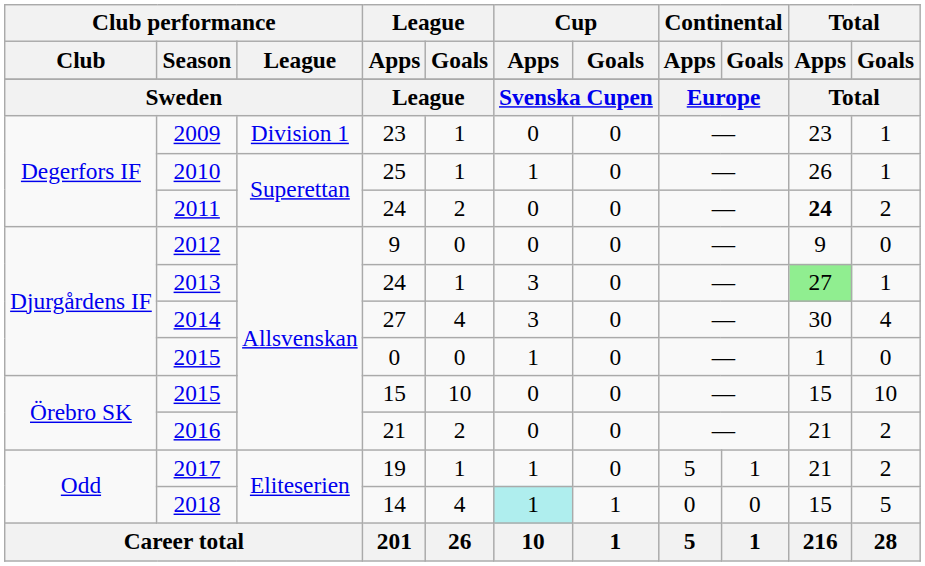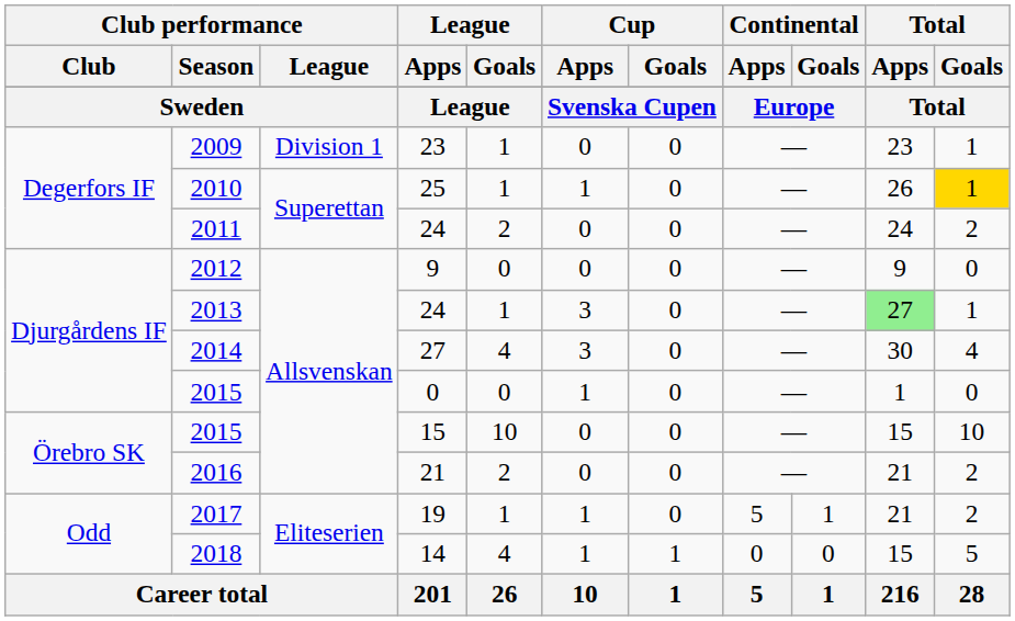 <table class="wikitable" style="text-align:center">
 <tr>
 <th colspan="3">Club performance</th>
 <th colspan=2>League</th>
 <th colspan=2>Cup</th>
 <th colspan=2>Continental</th>
 <th colspan=2>Total</th>
 </tr>
 <tr>
 <th>Club</th>
 <th>Season</th>
 <th>League</th>
 <th>Apps</th>
 <th>Goals</th>
 <th>Apps</th>
 <th>Goals</th>
 <th>Apps</th>
 <th>Goals</th>
 <th>Apps</th>
 <th>Goals</th>
 </tr>
 <tr>
 </tr>
 <tr>
 <th colspan="3">Sweden</th>
 <th colspan=2>League</th>
 <th colspan=2><a href='#'>Svenska Cupen</a></th>
 <th colspan=2><a href='#'>Europe</a></th>
 <th colspan=2>Total</th>
 </tr>
 <tr>
 <td rowspan="3"><a href='#'>Degerfors IF</a></td>
 <td><a href='#'>2009</a></td>
 <td><a href='#'>Division 1</a></td>
 <td>23</td>
 <td>1</td>
 <td>0</td>
 <td>0</td>
 <td colspan="2">—</td>
 <td>23</td>
 <td>1</td>
 </tr>
 <tr>
 <td><a href='#'>2010</a></td>
 <td rowspan="2"><a href='#'>Superettan</a></td>
 <td>25</td>
 <td>1</td>
 <td>1</td>
 <td>0</td>
 <td colspan="2">—</td>
 <td>26</td>
-<td>1</td>
+<td style="background: gold;">1</td>
 </tr>
 <tr>
 <td><a href='#'>2011</a></td>
 <td>24</td>
 <td>2</td>
 <td>0</td>
 <td>0</td>
 <td colspan="2">—</td>
-<td><strong>24</strong></td>
+<td>24</td>
 <td>2</td>
 </tr>
 <tr>
 <td rowspan="4"><a href='#'>Djurgårdens IF</a></td>
 <td><a href='#'>2012</a></td>
 <td rowspan="6"><a href='#'>Allsvenskan</a></td>
 <td>9</td>
 <td>0</td>
 <td>0</td>
 <td>0</td>
 <td colspan="2">—</td>
 <td>9</td>
 <td>0</td>
 </tr>
 <tr>
 <td><a href='#'>2013</a></td>
 <td>24</td>
 <td>1</td>
 <td>3</td>
 <td>0</td>
 <td colspan="2">—</td>
 <td style="background: lightgreen;">27</td>
 <td>1</td>
 </tr>
 <tr>
 <td><a href='#'>2014</a></td>
 <td>27</td>
 <td>4</td>
 <td>3</td>
 <td>0</td>
 <td colspan="2">—</td>
 <td>30</td>
 <td>4</td>
 </tr>
 <tr>
 <td><a href='#'>2015</a></td>
 <td>0</td>
 <td>0</td>
 <td>1</td>
 <td>0</td>
 <td colspan="2">—</td>
 <td>1</td>
 <td>0</td>
 </tr>
 <tr>
 <td rowspan="2"><a href='#'>Örebro SK</a></td>
 <td><a href='#'>2015</a></td>
 <td>15</td>
 <td>10</td>
 <td>0</td>
 <td>0</td>
 <td colspan="2">—</td>
 <td>15</td>
 <td>10</td>
 </tr>
 <tr>
 <td><a href='#'>2016</a></td>
 <td>21</td>
 <td>2</td>
 <td>0</td>
 <td>0</td>
 <td colspan="2">—</td>
 <td>21</td>
 <td>2</td>
 </tr>
 <tr>
 <td rowspan="2"><a href='#'>Odd</a></td>
 <td><a href='#'>2017</a></td>
 <td rowspan="2"><a href='#'>Eliteserien</a></td>
 <td>19</td>
 <td>1</td>
 <td>1</td>
 <td>0</td>
 <td>5</td>
 <td>1</td>
 <td>21</td>
 <td>2</td>
 </tr>
 <tr>
 <td><a href='#'>2018</a></td>
 <td>14</td>
 <td>4</td>
-<td style="background: paleturquoise;">1</td>
+<td>1</td>
 <td>1</td>
 <td>0</td>
 <td>0</td>
 <td>15</td>
 <td>5</td>
 </tr>
 <tr>
 <th colspan="3">Career total</th>
 <th>201</th>
 <th>26</th>
 <th>10</th>
 <th>1</th>
 <th>5</th>
 <th>1</th>
 <th>216</th>
 <th>28</th>
 </tr>
 </table>
